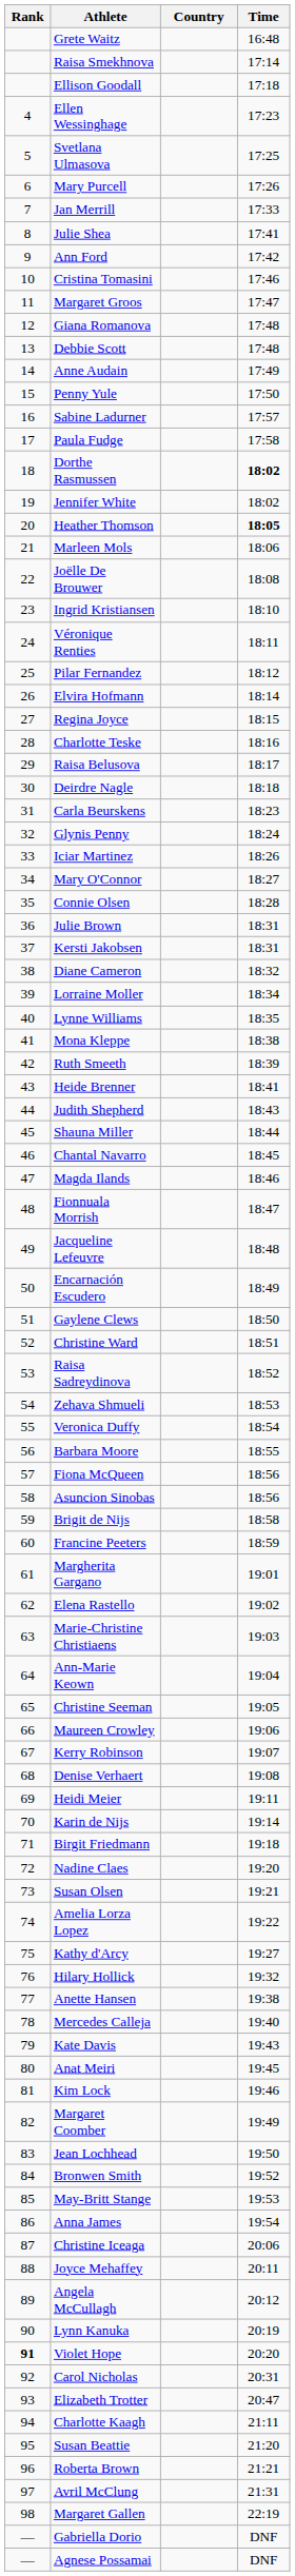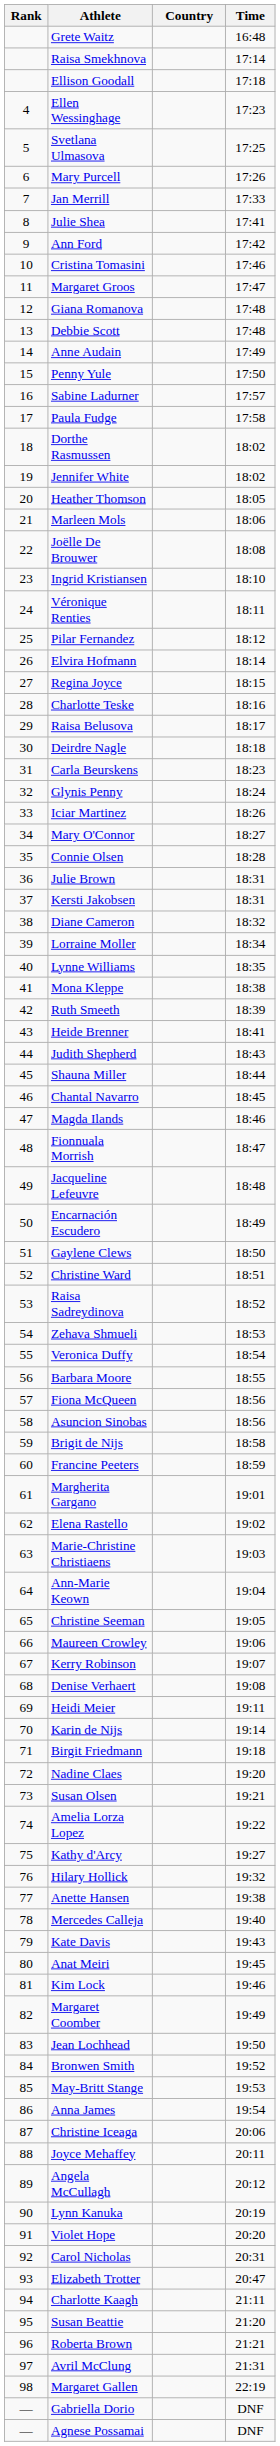 <table class="wikitable sortable" style=" text-align:center; font-size:95%;" width="50%">
 <tr>
 <th width=5%>Rank</th>
 <th width=20%>Athlete</th>
 <th width=15%>Country</th>
 <th width=10%>Time</th>
 </tr>
 <tr>
 <td align=center></td>
 <td align=left><a href='#'>Grete Waitz</a></td>
 <td align=left></td>
 <td>16:48</td>
 </tr>
 <tr>
 <td align=center></td>
 <td align=left><a href='#'>Raisa Smekhnova</a></td>
 <td align=left></td>
 <td>17:14</td>
 </tr>
 <tr>
 <td align=center></td>
 <td align=left><a href='#'>Ellison Goodall</a></td>
 <td align=left></td>
 <td>17:18</td>
 </tr>
 <tr>
 <td align=center>4</td>
 <td align=left><a href='#'>Ellen Wessinghage</a></td>
 <td align=left></td>
 <td>17:23</td>
 </tr>
 <tr>
 <td align=center>5</td>
 <td align=left><a href='#'>Svetlana Ulmasova</a></td>
 <td align=left></td>
 <td>17:25</td>
 </tr>
 <tr>
 <td align=center>6</td>
 <td align=left><a href='#'>Mary Purcell</a></td>
 <td align=left></td>
 <td>17:26</td>
 </tr>
 <tr>
 <td align=center>7</td>
 <td align=left><a href='#'>Jan Merrill</a></td>
 <td align=left></td>
 <td>17:33</td>
 </tr>
 <tr>
 <td align=center>8</td>
 <td align=left><a href='#'>Julie Shea</a></td>
 <td align=left></td>
 <td>17:41</td>
 </tr>
 <tr>
 <td align=center>9</td>
 <td align=left><a href='#'>Ann Ford</a></td>
 <td align=left></td>
 <td>17:42</td>
 </tr>
 <tr>
 <td align=center>10</td>
 <td align=left><a href='#'>Cristina Tomasini</a></td>
 <td align=left></td>
 <td>17:46</td>
 </tr>
 <tr>
 <td align=center>11</td>
 <td align=left><a href='#'>Margaret Groos</a></td>
 <td align=left></td>
 <td>17:47</td>
 </tr>
 <tr>
 <td align=center>12</td>
 <td align=left><a href='#'>Giana Romanova</a></td>
 <td align=left></td>
 <td>17:48</td>
 </tr>
 <tr>
 <td align=center>13</td>
 <td align=left><a href='#'>Debbie Scott</a></td>
 <td align=left></td>
 <td>17:48</td>
 </tr>
 <tr>
 <td align=center>14</td>
 <td align=left><a href='#'>Anne Audain</a></td>
 <td align=left></td>
 <td>17:49</td>
 </tr>
 <tr>
 <td align=center>15</td>
 <td align=left><a href='#'>Penny Yule</a></td>
 <td align=left></td>
 <td>17:50</td>
 </tr>
 <tr>
 <td align=center>16</td>
 <td align=left><a href='#'>Sabine Ladurner</a></td>
 <td align=left></td>
 <td>17:57</td>
 </tr>
 <tr>
 <td align=center>17</td>
 <td align=left><a href='#'>Paula Fudge</a></td>
 <td align=left></td>
 <td>17:58</td>
 </tr>
 <tr>
 <td align=center>18</td>
 <td align=left><a href='#'>Dorthe Rasmussen</a></td>
 <td align=left></td>
-<td><strong>18:02</strong></td>
+<td>18:02</td>
 </tr>
 <tr>
 <td align=center>19</td>
 <td align=left><a href='#'>Jennifer White</a></td>
 <td align=left></td>
 <td>18:02</td>
 </tr>
 <tr>
 <td align=center>20</td>
 <td align=left><a href='#'>Heather Thomson</a></td>
 <td align=left></td>
-<td><strong>18:05</strong></td>
+<td>18:05</td>
 </tr>
 <tr>
 <td align=center>21</td>
 <td align=left><a href='#'>Marleen Mols</a></td>
 <td align=left></td>
 <td>18:06</td>
 </tr>
 <tr>
 <td align=center>22</td>
 <td align=left><a href='#'>Joëlle De Brouwer</a></td>
 <td align=left></td>
 <td>18:08</td>
 </tr>
 <tr>
 <td align=center>23</td>
 <td align=left><a href='#'>Ingrid Kristiansen</a></td>
 <td align=left></td>
 <td>18:10</td>
 </tr>
 <tr>
 <td align=center>24</td>
 <td align=left><a href='#'>Véronique Renties</a></td>
 <td align=left></td>
 <td>18:11</td>
 </tr>
 <tr>
 <td align=center>25</td>
 <td align=left><a href='#'>Pilar Fernandez</a></td>
 <td align=left></td>
 <td>18:12</td>
 </tr>
 <tr>
 <td align=center>26</td>
 <td align=left><a href='#'>Elvira Hofmann</a></td>
 <td align=left></td>
 <td>18:14</td>
 </tr>
 <tr>
 <td align=center>27</td>
 <td align=left><a href='#'>Regina Joyce</a></td>
 <td align=left></td>
 <td>18:15</td>
 </tr>
 <tr>
 <td align=center>28</td>
 <td align=left><a href='#'>Charlotte Teske</a></td>
 <td align=left></td>
 <td>18:16</td>
 </tr>
 <tr>
 <td align=center>29</td>
 <td align=left><a href='#'>Raisa Belusova</a></td>
 <td align=left></td>
 <td>18:17</td>
 </tr>
 <tr>
 <td align=center>30</td>
 <td align=left><a href='#'>Deirdre Nagle</a></td>
 <td align=left></td>
 <td>18:18</td>
 </tr>
 <tr>
 <td align=center>31</td>
 <td align=left><a href='#'>Carla Beurskens</a></td>
 <td align=left></td>
 <td>18:23</td>
 </tr>
 <tr>
 <td align=center>32</td>
 <td align=left><a href='#'>Glynis Penny</a></td>
 <td align=left></td>
 <td>18:24</td>
 </tr>
 <tr>
 <td align=center>33</td>
 <td align=left><a href='#'>Iciar Martinez</a></td>
 <td align=left></td>
 <td>18:26</td>
 </tr>
 <tr>
 <td align=center>34</td>
 <td align=left><a href='#'>Mary O'Connor</a></td>
 <td align=left></td>
 <td>18:27</td>
 </tr>
 <tr>
 <td align=center>35</td>
 <td align=left><a href='#'>Connie Olsen</a></td>
 <td align=left></td>
 <td>18:28</td>
 </tr>
 <tr>
 <td align=center>36</td>
 <td align=left><a href='#'>Julie Brown</a></td>
 <td align=left></td>
 <td>18:31</td>
 </tr>
 <tr>
 <td align=center>37</td>
 <td align=left><a href='#'>Kersti Jakobsen</a></td>
 <td align=left></td>
 <td>18:31</td>
 </tr>
 <tr>
 <td align=center>38</td>
 <td align=left><a href='#'>Diane Cameron</a></td>
 <td align=left></td>
 <td>18:32</td>
 </tr>
 <tr>
 <td align=center>39</td>
 <td align=left><a href='#'>Lorraine Moller</a></td>
 <td align=left></td>
 <td>18:34</td>
 </tr>
 <tr>
 <td align=center>40</td>
 <td align=left><a href='#'>Lynne Williams</a></td>
 <td align=left></td>
 <td>18:35</td>
 </tr>
 <tr>
 <td align=center>41</td>
 <td align=left><a href='#'>Mona Kleppe</a></td>
 <td align=left></td>
 <td>18:38</td>
 </tr>
 <tr>
 <td align=center>42</td>
 <td align=left><a href='#'>Ruth Smeeth</a></td>
 <td align=left></td>
 <td>18:39</td>
 </tr>
 <tr>
 <td align=center>43</td>
 <td align=left><a href='#'>Heide Brenner</a></td>
 <td align=left></td>
 <td>18:41</td>
 </tr>
 <tr>
 <td align=center>44</td>
 <td align=left><a href='#'>Judith Shepherd</a></td>
 <td align=left></td>
 <td>18:43</td>
 </tr>
 <tr>
 <td align=center>45</td>
 <td align=left><a href='#'>Shauna Miller</a></td>
 <td align=left></td>
 <td>18:44</td>
 </tr>
 <tr>
 <td align=center>46</td>
 <td align=left><a href='#'>Chantal Navarro</a></td>
 <td align=left></td>
 <td>18:45</td>
 </tr>
 <tr>
 <td align=center>47</td>
 <td align=left><a href='#'>Magda Ilands</a></td>
 <td align=left></td>
 <td>18:46</td>
 </tr>
 <tr>
 <td align=center>48</td>
 <td align=left><a href='#'>Fionnuala Morrish</a></td>
 <td align=left></td>
 <td>18:47</td>
 </tr>
 <tr>
 <td align=center>49</td>
 <td align=left><a href='#'>Jacqueline Lefeuvre</a></td>
 <td align=left></td>
 <td>18:48</td>
 </tr>
 <tr>
 <td align=center>50</td>
 <td align=left><a href='#'>Encarnación Escudero</a></td>
 <td align=left></td>
 <td>18:49</td>
 </tr>
 <tr>
 <td align=center>51</td>
 <td align=left><a href='#'>Gaylene Clews</a></td>
 <td align=left></td>
 <td>18:50</td>
 </tr>
 <tr>
 <td align=center>52</td>
 <td align=left><a href='#'>Christine Ward</a></td>
 <td align=left></td>
 <td>18:51</td>
 </tr>
 <tr>
 <td align=center>53</td>
 <td align=left><a href='#'>Raisa Sadreydinova</a></td>
 <td align=left></td>
 <td>18:52</td>
 </tr>
 <tr>
 <td align=center>54</td>
 <td align=left><a href='#'>Zehava Shmueli</a></td>
 <td align=left></td>
 <td>18:53</td>
 </tr>
 <tr>
 <td align=center>55</td>
 <td align=left><a href='#'>Veronica Duffy</a></td>
 <td align=left></td>
 <td>18:54</td>
 </tr>
 <tr>
 <td align=center>56</td>
 <td align=left><a href='#'>Barbara Moore</a></td>
 <td align=left></td>
 <td>18:55</td>
 </tr>
 <tr>
 <td align=center>57</td>
 <td align=left><a href='#'>Fiona McQueen</a></td>
 <td align=left></td>
 <td>18:56</td>
 </tr>
 <tr>
 <td align=center>58</td>
 <td align=left><a href='#'>Asuncion Sinobas</a></td>
 <td align=left></td>
 <td>18:56</td>
 </tr>
 <tr>
 <td align=center>59</td>
 <td align=left><a href='#'>Brigit de Nijs</a></td>
 <td align=left></td>
 <td>18:58</td>
 </tr>
 <tr>
 <td align=center>60</td>
 <td align=left><a href='#'>Francine Peeters</a></td>
 <td align=left></td>
 <td>18:59</td>
 </tr>
 <tr>
 <td align=center>61</td>
 <td align=left><a href='#'>Margherita Gargano</a></td>
 <td align=left></td>
 <td>19:01</td>
 </tr>
 <tr>
 <td align=center>62</td>
 <td align=left><a href='#'>Elena Rastello</a></td>
 <td align=left></td>
 <td>19:02</td>
 </tr>
 <tr>
 <td align=center>63</td>
 <td align=left><a href='#'>Marie-Christine Christiaens</a></td>
 <td align=left></td>
 <td>19:03</td>
 </tr>
 <tr>
 <td align=center>64</td>
 <td align=left><a href='#'>Ann-Marie Keown</a></td>
 <td align=left></td>
 <td>19:04</td>
 </tr>
 <tr>
 <td align=center>65</td>
 <td align=left><a href='#'>Christine Seeman</a></td>
 <td align=left></td>
 <td>19:05</td>
 </tr>
 <tr>
 <td align=center>66</td>
 <td align=left><a href='#'>Maureen Crowley</a></td>
 <td align=left></td>
 <td>19:06</td>
 </tr>
 <tr>
 <td align=center>67</td>
 <td align=left><a href='#'>Kerry Robinson</a></td>
 <td align=left></td>
 <td>19:07</td>
 </tr>
 <tr>
 <td align=center>68</td>
 <td align=left><a href='#'>Denise Verhaert</a></td>
 <td align=left></td>
 <td>19:08</td>
 </tr>
 <tr>
 <td align=center>69</td>
 <td align=left><a href='#'>Heidi Meier</a></td>
 <td align=left></td>
 <td>19:11</td>
 </tr>
 <tr>
 <td align=center>70</td>
 <td align=left><a href='#'>Karin de Nijs</a></td>
 <td align=left></td>
 <td>19:14</td>
 </tr>
 <tr>
 <td align=center>71</td>
 <td align=left><a href='#'>Birgit Friedmann</a></td>
 <td align=left></td>
 <td>19:18</td>
 </tr>
 <tr>
 <td align=center>72</td>
 <td align=left><a href='#'>Nadine Claes</a></td>
 <td align=left></td>
 <td>19:20</td>
 </tr>
 <tr>
 <td align=center>73</td>
 <td align=left><a href='#'>Susan Olsen</a></td>
 <td align=left></td>
 <td>19:21</td>
 </tr>
 <tr>
 <td align=center>74</td>
 <td align=left><a href='#'>Amelia Lorza Lopez</a></td>
 <td align=left></td>
 <td>19:22</td>
 </tr>
 <tr>
 <td align=center>75</td>
 <td align=left><a href='#'>Kathy d'Arcy</a></td>
 <td align=left></td>
 <td>19:27</td>
 </tr>
 <tr>
 <td align=center>76</td>
 <td align=left><a href='#'>Hilary Hollick</a></td>
 <td align=left></td>
 <td>19:32</td>
 </tr>
 <tr>
 <td align=center>77</td>
 <td align=left><a href='#'>Anette Hansen</a></td>
 <td align=left></td>
 <td>19:38</td>
 </tr>
 <tr>
 <td align=center>78</td>
 <td align=left><a href='#'>Mercedes Calleja</a></td>
 <td align=left></td>
 <td>19:40</td>
 </tr>
 <tr>
 <td align=center>79</td>
 <td align=left><a href='#'>Kate Davis</a></td>
 <td align=left></td>
 <td>19:43</td>
 </tr>
 <tr>
 <td align=center>80</td>
 <td align=left><a href='#'>Anat Meiri</a></td>
 <td align=left></td>
 <td>19:45</td>
 </tr>
 <tr>
 <td align=center>81</td>
 <td align=left><a href='#'>Kim Lock</a></td>
 <td align=left></td>
 <td>19:46</td>
 </tr>
 <tr>
 <td align=center>82</td>
 <td align=left><a href='#'>Margaret Coomber</a></td>
 <td align=left></td>
 <td>19:49</td>
 </tr>
 <tr>
 <td align=center>83</td>
 <td align=left><a href='#'>Jean Lochhead</a></td>
 <td align=left></td>
 <td>19:50</td>
 </tr>
 <tr>
 <td align=center>84</td>
 <td align=left><a href='#'>Bronwen Smith</a></td>
 <td align=left></td>
 <td>19:52</td>
 </tr>
 <tr>
 <td align=center>85</td>
 <td align=left><a href='#'>May-Britt Stange</a></td>
 <td align=left></td>
 <td>19:53</td>
 </tr>
 <tr>
 <td align=center>86</td>
 <td align=left><a href='#'>Anna James</a></td>
 <td align=left></td>
 <td>19:54</td>
 </tr>
 <tr>
 <td align=center>87</td>
 <td align=left><a href='#'>Christine Iceaga</a></td>
 <td align=left></td>
 <td>20:06</td>
 </tr>
 <tr>
 <td align=center>88</td>
 <td align=left><a href='#'>Joyce Mehaffey</a></td>
 <td align=left></td>
 <td>20:11</td>
 </tr>
 <tr>
 <td align=center>89</td>
 <td align=left><a href='#'>Angela McCullagh</a></td>
 <td align=left></td>
 <td>20:12</td>
 </tr>
 <tr>
 <td align=center>90</td>
 <td align=left><a href='#'>Lynn Kanuka</a></td>
 <td align=left></td>
 <td>20:19</td>
 </tr>
 <tr>
-<td align=center><strong>91</strong></td>
+<td align=center>91</td>
 <td align=left><a href='#'>Violet Hope</a></td>
 <td align=left></td>
 <td>20:20</td>
 </tr>
 <tr>
 <td align=center>92</td>
 <td align=left><a href='#'>Carol Nicholas</a></td>
 <td align=left></td>
 <td>20:31</td>
 </tr>
 <tr>
 <td align=center>93</td>
 <td align=left><a href='#'>Elizabeth Trotter</a></td>
 <td align=left></td>
 <td>20:47</td>
 </tr>
 <tr>
 <td align=center>94</td>
 <td align=left><a href='#'>Charlotte Kaagh</a></td>
 <td align=left></td>
 <td>21:11</td>
 </tr>
 <tr>
 <td align=center>95</td>
 <td align=left><a href='#'>Susan Beattie</a></td>
 <td align=left></td>
 <td>21:20</td>
 </tr>
 <tr>
 <td align=center>96</td>
 <td align=left><a href='#'>Roberta Brown</a></td>
 <td align=left></td>
 <td>21:21</td>
 </tr>
 <tr>
 <td align=center>97</td>
 <td align=left><a href='#'>Avril McClung</a></td>
 <td align=left></td>
 <td>21:31</td>
 </tr>
 <tr>
 <td align=center>98</td>
 <td align=left><a href='#'>Margaret Gallen</a></td>
 <td align=left></td>
 <td>22:19</td>
 </tr>
 <tr>
 <td align=center>—</td>
 <td align=left><a href='#'>Gabriella Dorio</a></td>
 <td align=left></td>
 <td>DNF</td>
 </tr>
 <tr>
 <td align=center>—</td>
 <td align=left><a href='#'>Agnese Possamai</a></td>
 <td align=left></td>
 <td>DNF</td>
 </tr>
 </table>
